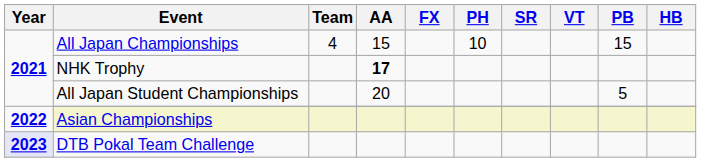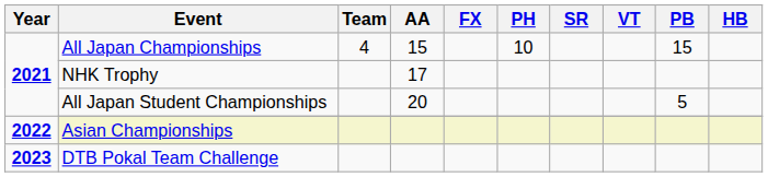 <table class="wikitable sortable" style="text-align:center; font-size:95%;">
 <tr>
 <th width=7% class=unsortable>Year</th>
 <th width=37% class=unsortable>Event</th>
 <th width=7% class=unsortable>Team</th>
 <th width=7% class=unsortable>AA</th>
 <th width=7% class=unsortable><a href='#'>FX</a></th>
 <th width=7% class=unsortable><a href='#'>PH</a></th>
 <th width=7% class=unsortable><a href='#'>SR</a></th>
 <th width=7% class=unsortable><a href='#'>VT</a></th>
 <th width=7% class=unsortable><a href='#'>PB</a></th>
 <th width=7% class=unsortable><a href='#'>HB</a></th>
 </tr>
 <tr>
 <td rowspan="3"><strong><a href='#'>2021</a></strong></td>
 <td align=left><a href='#'>All Japan Championships</a></td>
 <td>4</td>
 <td>15</td>
 <td></td>
 <td>10</td>
 <td></td>
 <td></td>
 <td>15</td>
 <td></td>
 </tr>
 <tr>
 <td align=left>NHK Trophy</td>
 <td></td>
-<td><strong>17</strong></td>
+<td>17</td>
 <td></td>
 <td></td>
 <td></td>
 <td></td>
 <td></td>
 <td></td>
 </tr>
 <tr>
 <td align=left>All Japan Student Championships</td>
 <td></td>
 <td>20</td>
 <td></td>
 <td></td>
 <td></td>
 <td></td>
 <td>5</td>
 <td></td>
 </tr>
 <tr>
 <td rowspan="2"><strong><a href='#'>2022</a></strong></td>
 </tr>
 <tr bgcolor=#F5F6CE>
 <td align=left><a href='#'>Asian Championships</a></td>
 <td></td>
 <td></td>
 <td></td>
 <td></td>
 <td></td>
 <td></td>
 <td></td>
 <td></td>
 </tr>
 <tr>
-<td rowspan="1" style="background: lavender;"><strong><a href='#'>2023</a></strong></td>
+<td rowspan="1"><strong><a href='#'>2023</a></strong></td>
 <td align=left><a href='#'>DTB Pokal Team Challenge</a></td>
 <td></td>
 <td></td>
 <td></td>
 <td></td>
 <td></td>
 <td></td>
 <td></td>
 </tr>
 </table>
